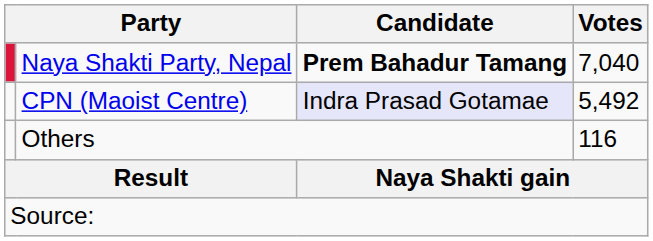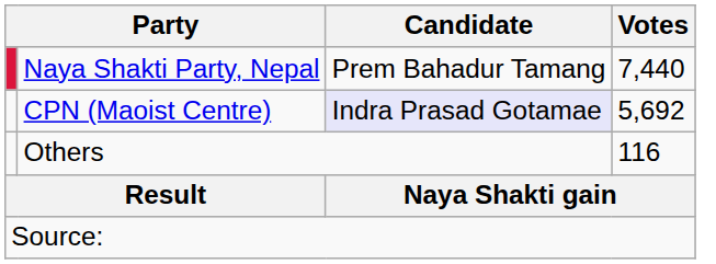 <table class="wikitable">
 <tr>
 <th colspan="2">Party</th>
 <th>Candidate</th>
 <th>Votes</th>
 </tr>
 <tr>
 <td style="background-color:crimson"></td>
 <td><a href='#'>Naya Shakti Party, Nepal</a></td>
-<td><strong>Prem Bahadur Tamang</strong></td>
-<td>7,040</td>
+<td>Prem Bahadur Tamang</td>
+<td>7,440</td>
 </tr>
 <tr>
 <td style="background-color:"></td>
 <td><a href='#'>CPN (Maoist Centre)</a></td>
 <td style="background: lavender;">Indra Prasad Gotamae</td>
-<td>5,492</td>
+<td>5,692</td>
 </tr>
 <tr>
 <td></td>
 <td colspan="2">Others</td>
 <td>116</td>
 </tr>
 <tr>
 <th colspan="2">Result</th>
 <th colspan="2">Naya Shakti gain</th>
 </tr>
 <tr>
 <td colspan="4">Source: </td>
 </tr>
 </table>
